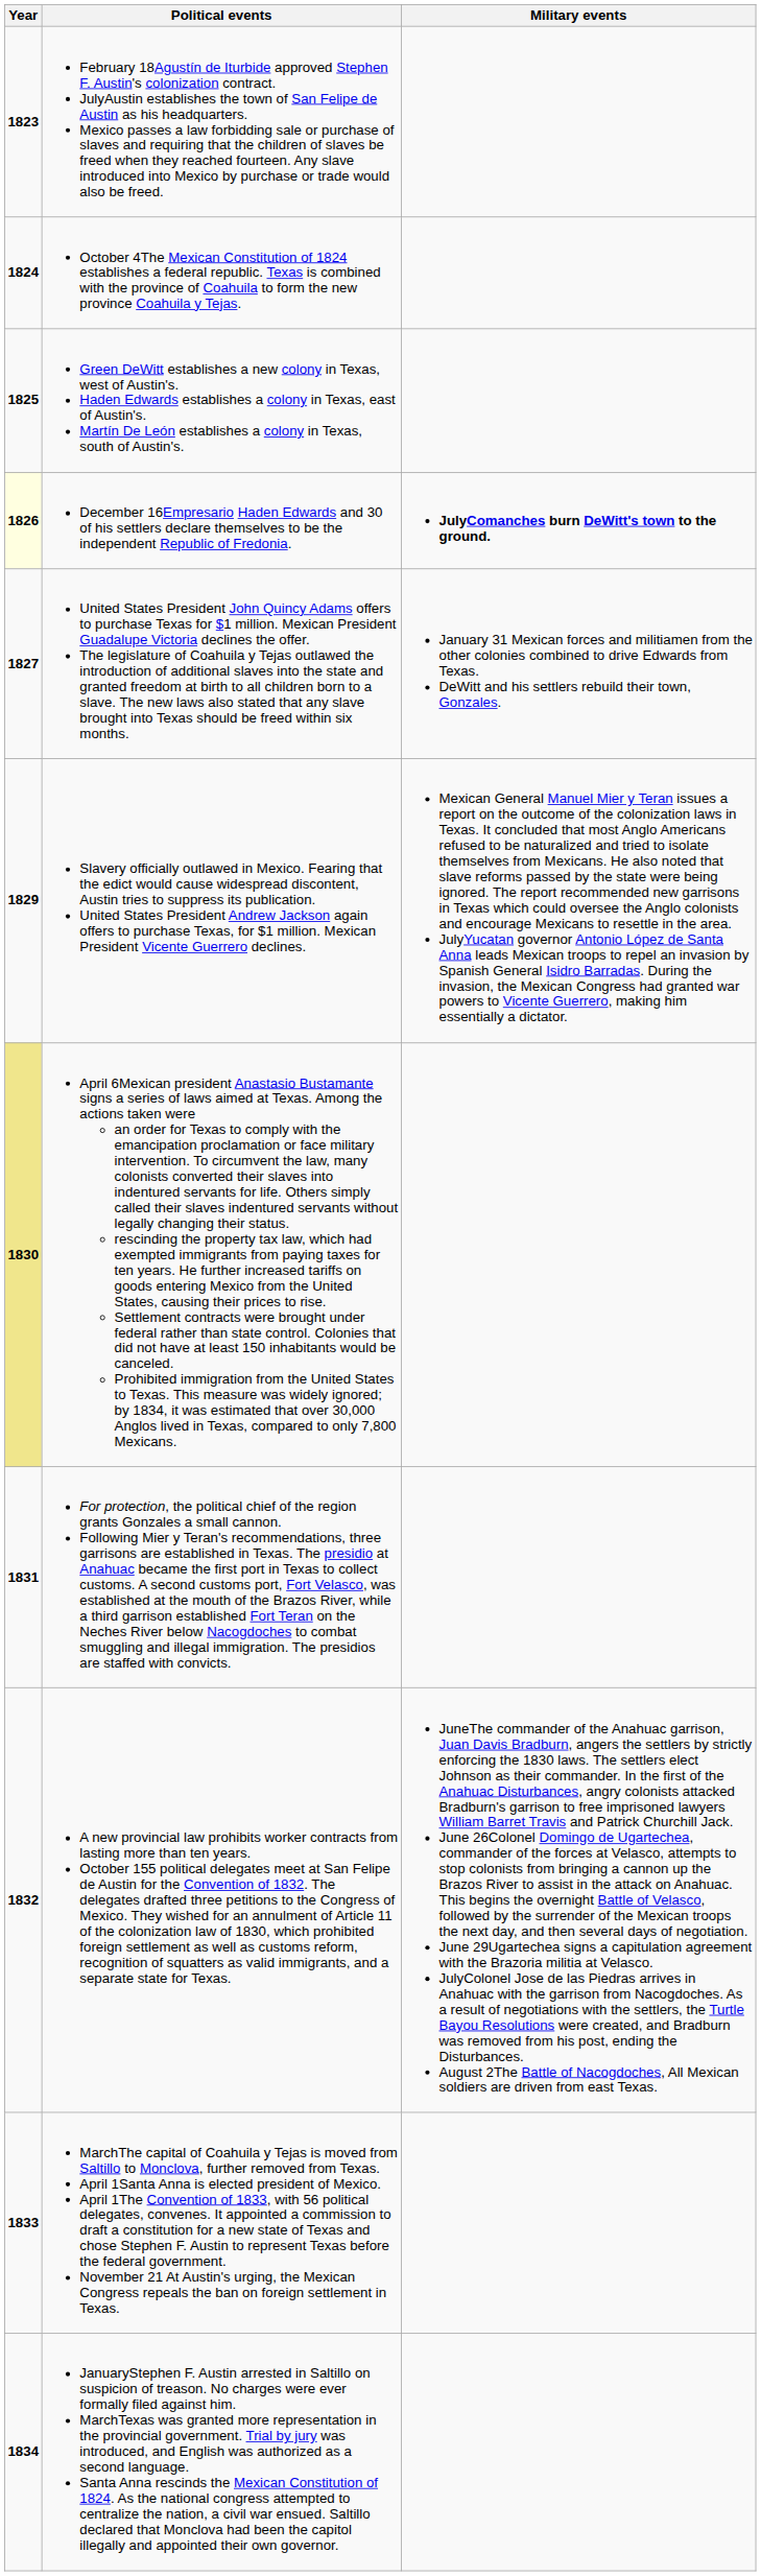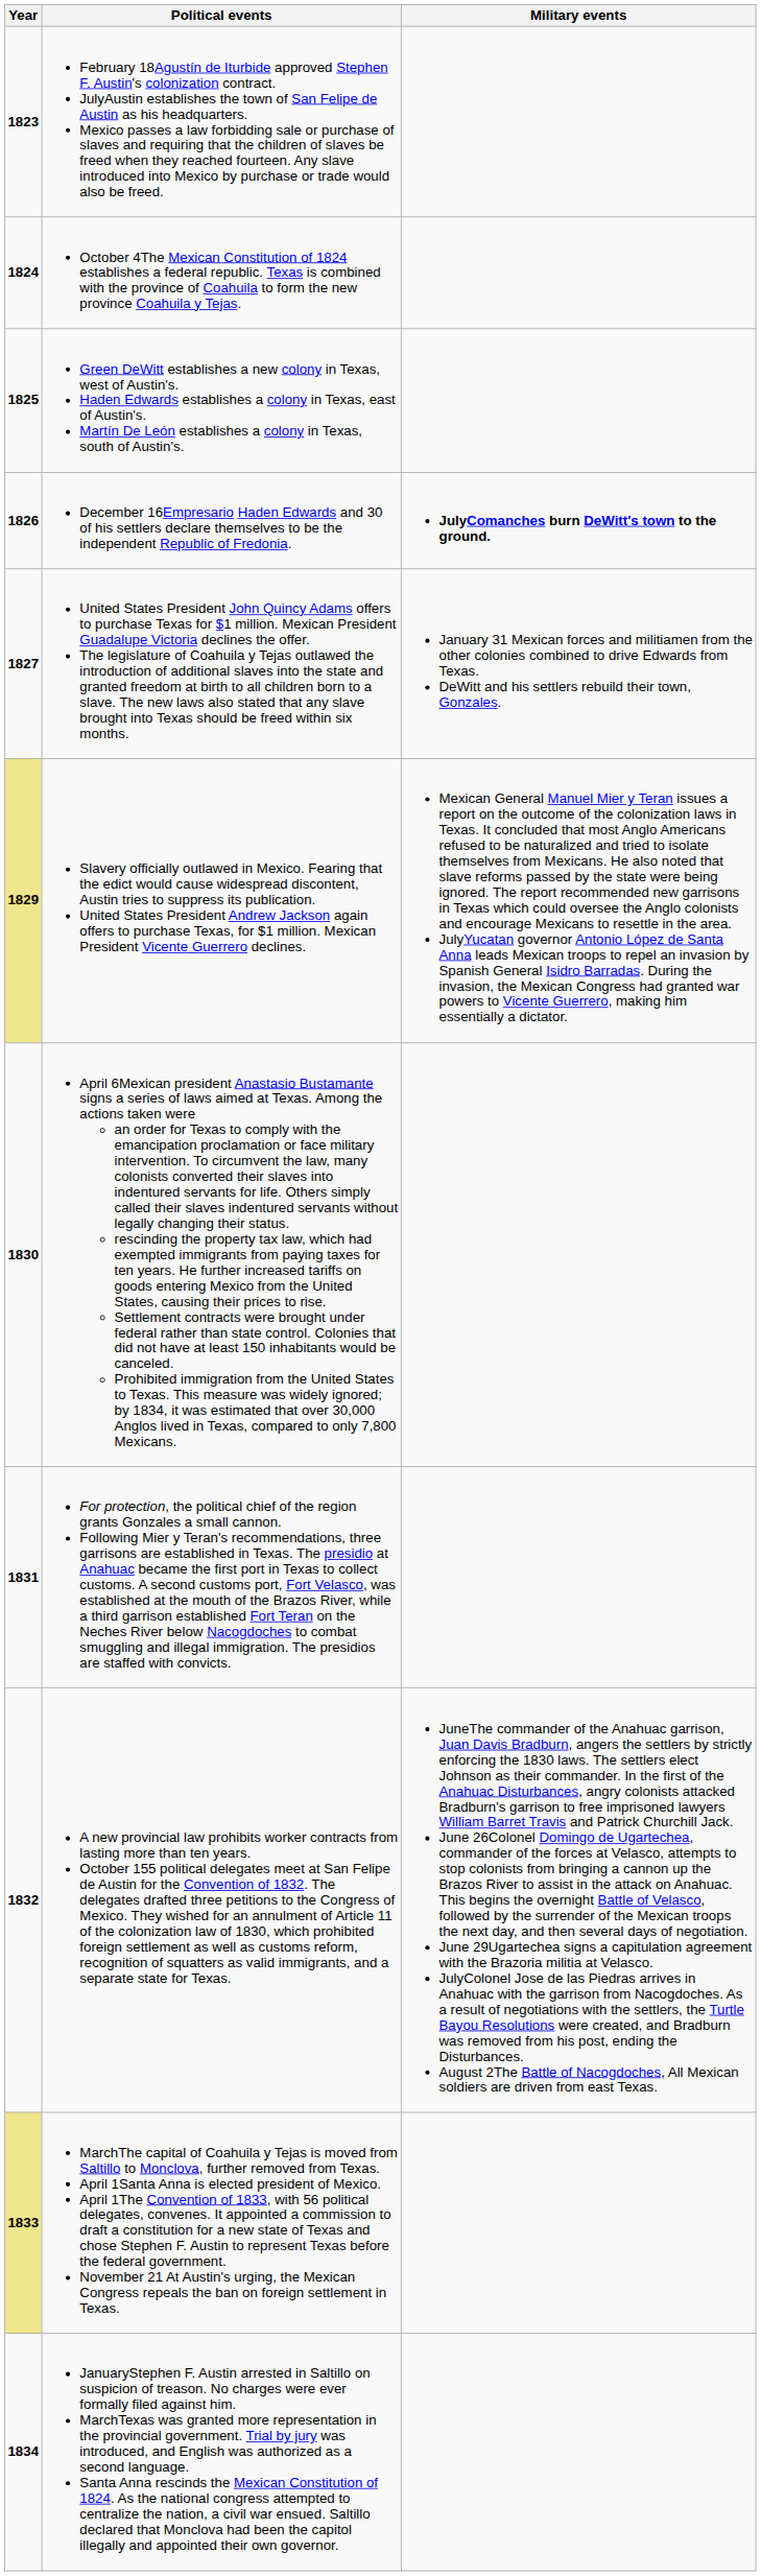 <table class="wikitable">
 <tr>
 <th>Year</th>
 <th>Political events</th>
 <th>Military events</th>
 </tr>
 <tr>
 <td><strong>1823</strong></td>
 <td><br><ul><li>February 18<a href='#'>Agustín de Iturbide</a> approved <a href='#'>Stephen F. Austin</a>'s <a href='#'>colonization</a> contract.</li><li>JulyAustin establishes the town of <a href='#'>San Felipe de Austin</a> as his headquarters.</li><li>Mexico passes a law forbidding sale or purchase of slaves and requiring that the children of slaves be freed when they reached fourteen. Any slave introduced into Mexico by purchase or trade would also be freed.</li></ul></td>
 <td></td>
 </tr>
 <tr>
 <td><strong>1824</strong></td>
 <td><br><ul><li>October 4The <a href='#'>Mexican Constitution of 1824</a> establishes a federal republic.  <a href='#'>Texas</a> is combined with the province of <a href='#'>Coahuila</a> to form the new province <a href='#'>Coahuila y Tejas</a>.</li></ul></td>
 <td></td>
 </tr>
 <tr>
 <td><strong>1825</strong></td>
 <td><br><ul><li><a href='#'>Green DeWitt</a> establishes a new <a href='#'>colony</a> in Texas, west of Austin's.</li><li><a href='#'>Haden Edwards</a> establishes a <a href='#'>colony</a> in Texas, east of Austin's.</li><li><a href='#'>Martín De León</a> establishes a <a href='#'>colony</a> in Texas, south of Austin's.</li></ul></td>
 <td></td>
 </tr>
 <tr>
-<td style="background: lightyellow;"><strong>1826</strong></td>
+<td><strong>1826</strong></td>
 <td><br><ul><li>December 16<a href='#'>Empresario</a> <a href='#'>Haden Edwards</a> and 30 of his settlers declare themselves to be the independent <a href='#'>Republic of Fredonia</a>.</li></ul></td>
 <td><strong><br><ul><li>July<a href='#'>Comanches</a> burn <a href='#'>DeWitt's town</a> to the ground.</li></ul></strong></td>
 </tr>
 <tr>
 <td><strong>1827</strong></td>
 <td><br><ul><li>United States President <a href='#'>John Quincy Adams</a> offers to purchase Texas for <a href='#'>$</a>1 million.  Mexican President <a href='#'>Guadalupe Victoria</a> declines the offer.</li><li>The legislature of Coahuila y Tejas outlawed the introduction of additional slaves into the state and granted freedom at birth to all children born to a slave. The new laws also stated that any slave brought into Texas should be freed within six months.</li></ul></td>
 <td><br><ul><li>January 31 Mexican forces and militiamen from the other colonies combined to drive Edwards from Texas.</li><li>DeWitt and his settlers rebuild their town, <a href='#'>Gonzales</a>.</li></ul></td>
 </tr>
 <tr>
-<td><strong>1829</strong></td>
+<td style="background: khaki;"><strong>1829</strong></td>
 <td><br><ul><li>Slavery officially outlawed in Mexico.  Fearing that the edict would cause widespread discontent, Austin tries to suppress its publication.</li><li>United States President <a href='#'>Andrew Jackson</a> again offers to purchase Texas,  for $1 million.  Mexican President <a href='#'>Vicente Guerrero</a> declines.</li></ul></td>
 <td><br><ul><li>Mexican General <a href='#'>Manuel Mier y Teran</a> issues a report on the outcome of the colonization laws in Texas.  It concluded that most Anglo Americans refused to be naturalized and tried to isolate themselves from Mexicans. He also noted that slave reforms passed by the state were being ignored.  The report recommended new garrisons in Texas which could oversee the Anglo colonists and encourage Mexicans to resettle in the area.</li><li>July<a href='#'>Yucatan</a> governor <a href='#'>Antonio López de Santa Anna</a> leads Mexican troops to repel an invasion by Spanish General <a href='#'>Isidro Barradas</a>.  During the invasion, the Mexican Congress had granted war powers to <a href='#'>Vicente Guerrero</a>, making him essentially a dictator.</li></ul></td>
 </tr>
 <tr>
-<td style="background: khaki;"><strong>1830</strong></td>
+<td><strong>1830</strong></td>
 <td><br><ul><li>April 6Mexican president <a href='#'>Anastasio Bustamante</a> signs a series of laws aimed at Texas.  Among the actions taken were<ul><li>an order for Texas to comply with the emancipation proclamation or face military intervention. To circumvent the law, many colonists converted their slaves into indentured servants for life. Others simply called their slaves indentured servants without legally changing their status.</li><li>rescinding the property tax law, which had exempted immigrants from paying taxes for ten years. He further increased tariffs on goods entering Mexico from the United States, causing their prices to rise.</li><li>Settlement contracts were brought under federal rather than state control.  Colonies that did not have at least 150 inhabitants would be canceled.</li><li>Prohibited immigration from the United States to Texas.  This measure was widely ignored; by 1834, it was estimated that over 30,000 Anglos lived in Texas, compared to only 7,800 Mexicans.</li></ul></li></ul></td>
 <td></td>
 </tr>
 <tr>
 <td><strong>1831</strong></td>
 <td><br><ul><li><em>For protection</em>, the political chief of the region grants Gonzales a small cannon.</li><li>Following Mier y Teran's recommendations, three garrisons are established in Texas.  The <a href='#'>presidio</a> at <a href='#'>Anahuac</a> became the first port in Texas to collect customs. A second customs port, <a href='#'>Fort Velasco</a>, was established at the mouth of the Brazos River, while a third garrison established <a href='#'>Fort Teran</a> on the Neches River below <a href='#'>Nacogdoches</a> to combat smuggling and illegal immigration.  The presidios are staffed with convicts.</li></ul></td>
 </tr>
 <tr>
 <td><strong>1832</strong></td>
 <td><br><ul><li>A new provincial law prohibits worker contracts from lasting more than ten years.</li><li>October 155 political delegates meet at San Felipe de Austin for the <a href='#'>Convention of 1832</a>.  The delegates drafted three petitions to the Congress of Mexico. They wished for an annulment of Article 11 of the colonization law of 1830, which prohibited foreign settlement as well as customs reform, recognition of squatters as valid immigrants, and a separate state for Texas.</li></ul></td>
 <td><br><ul><li>JuneThe commander of the Anahuac garrison, <a href='#'>Juan Davis Bradburn</a>, angers the settlers by strictly enforcing the 1830 laws.  The settlers elect Johnson as their commander. In the first of the <a href='#'>Anahuac Disturbances</a>, angry colonists attacked Bradburn's garrison to free imprisoned lawyers <a href='#'>William Barret Travis</a> and Patrick Churchill Jack.</li><li>June 26Colonel <a href='#'>Domingo de Ugartechea</a>, commander of the forces at Velasco, attempts to stop colonists from bringing a cannon up the Brazos River to assist in the attack on Anahuac.  This begins the overnight <a href='#'>Battle of Velasco</a>, followed by the surrender of the Mexican troops the next day, and then several days of negotiation.</li><li>June 29Ugartechea signs a capitulation agreement with the Brazoria militia at Velasco.</li><li>JulyColonel Jose de las Piedras arrives in Anahuac with the garrison from Nacogdoches. As a result of negotiations with the settlers, the <a href='#'>Turtle Bayou Resolutions</a> were created, and  Bradburn was removed from his post, ending the Disturbances.</li><li>August 2The <a href='#'>Battle of Nacogdoches</a>, All Mexican soldiers are driven from east Texas.</li></ul></td>
 </tr>
 <tr>
-<td><strong>1833</strong></td>
+<td style="background: khaki;"><strong>1833</strong></td>
 <td><br><ul><li>MarchThe capital of Coahuila y Tejas is moved from <a href='#'>Saltillo</a> to <a href='#'>Monclova</a>, further removed from Texas.</li><li>April 1Santa Anna is elected president of Mexico.</li><li>April 1The <a href='#'>Convention of 1833</a>, with 56 political delegates, convenes.  It appointed a commission to draft a constitution for a new state of Texas and chose Stephen F. Austin to represent Texas before the federal government.</li><li>November 21 At Austin's urging, the Mexican Congress repeals the ban on foreign settlement in Texas.</li></ul></td>
 <td></td>
 </tr>
 <tr>
 <td><strong>1834</strong></td>
 <td><br><ul><li>JanuaryStephen F. Austin arrested in Saltillo on suspicion of treason.  No charges were ever formally filed against him.</li><li>MarchTexas was granted more representation in the provincial government. <a href='#'>Trial by jury</a> was introduced, and English was authorized as a second language.</li><li>Santa Anna rescinds the <a href='#'>Mexican Constitution of 1824</a>.  As the national congress attempted to centralize the nation, a civil war ensued.  Saltillo declared that Monclova had been the capitol illegally and appointed their own governor.</li></ul></td>
 </tr>
 </table>
